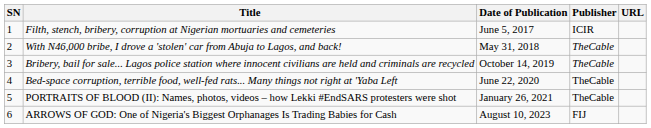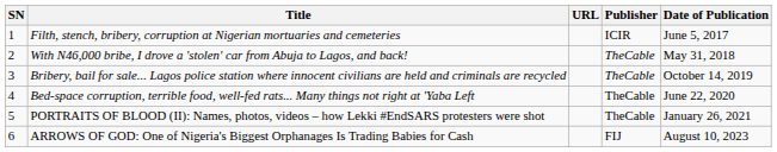 <table class="wikitable sortable mw-collapsible">
 <tr>
 <th>SN</th>
 <th>Title</th>
+<th>URL</th>
+<th>Publisher</th>
 <th>Date of Publication</th>
-<th>Publisher</th>
-<th>URL</th>
 </tr>
 <tr>
 <td>1</td>
 <td><em>Filth, stench, bribery, corruption at Nigerian mortuaries and cemeteries</em></td>
+<td></td>
+<td>ICIR</td>
 <td>June 5, 2017</td>
-<td>ICIR</td>
-<td></td>
 </tr>
 <tr>
 <td>2</td>
 <td><em>With N46,000 bribe, I drove a 'stolen' car from Abuja to Lagos, and back!</em></td>
+<td></td>
+<td><em>TheCable</em></td>
 <td>May 31, 2018</td>
-<td><em>TheCable</em></td>
-<td></td>
 </tr>
 <tr>
 <td>3</td>
 <td><em>Bribery, bail for sale... Lagos police station where innocent civilians are held and criminals are recycled</em></td>
+<td></td>
+<td><em>TheCable</em></td>
 <td>October 14, 2019</td>
-<td><em>TheCable</em></td>
-<td></td>
 </tr>
 <tr>
 <td>4</td>
 <td><em>Bed-space corruption, terrible food, well-fed rats... Many things not right at 'Yaba Left<strong></td>
+<td></td>
+<td></em>TheCable<em></td>
 <td>June 22, 2020</td>
-<td></em>TheCable<em></td>
-<td></td>
 </tr>
 <tr>
 <td>5</td>
 <td>PORTRAITS OF BLOOD (II): Names, photos, videos – how Lekki #EndSARS protesters were shot</td>
+<td></td>
+<td></em>TheCable<em></td>
 <td>January 26, 2021</td>
-<td></em>TheCable<em></td>
-<td></td>
 </tr>
 <tr>
 <td>6</td>
 <td>ARROWS OF GOD: One of Nigeria's Biggest Orphanages Is Trading Babies for Cash</td>
+<td></td>
+<td>FIJ</td>
 <td>August 10, 2023</td>
-<td>FIJ</td>
-<td></td>
 </tr>
 </table>
